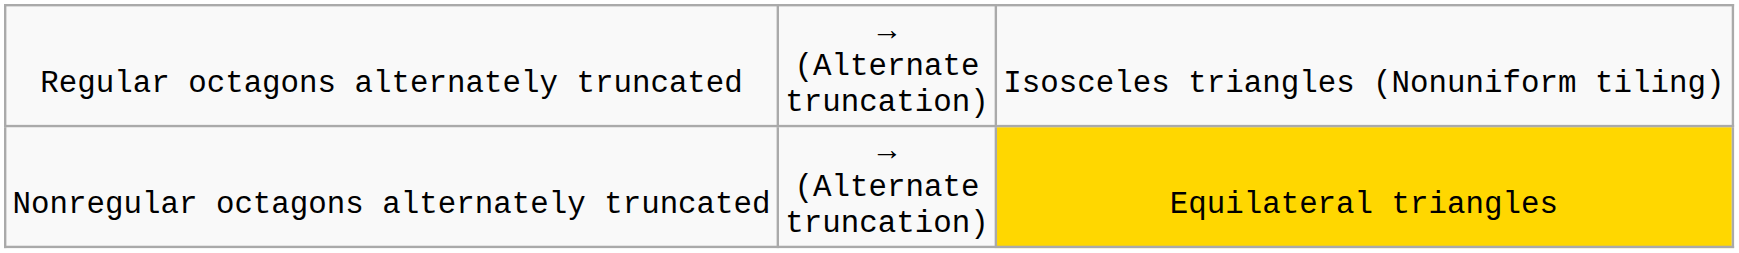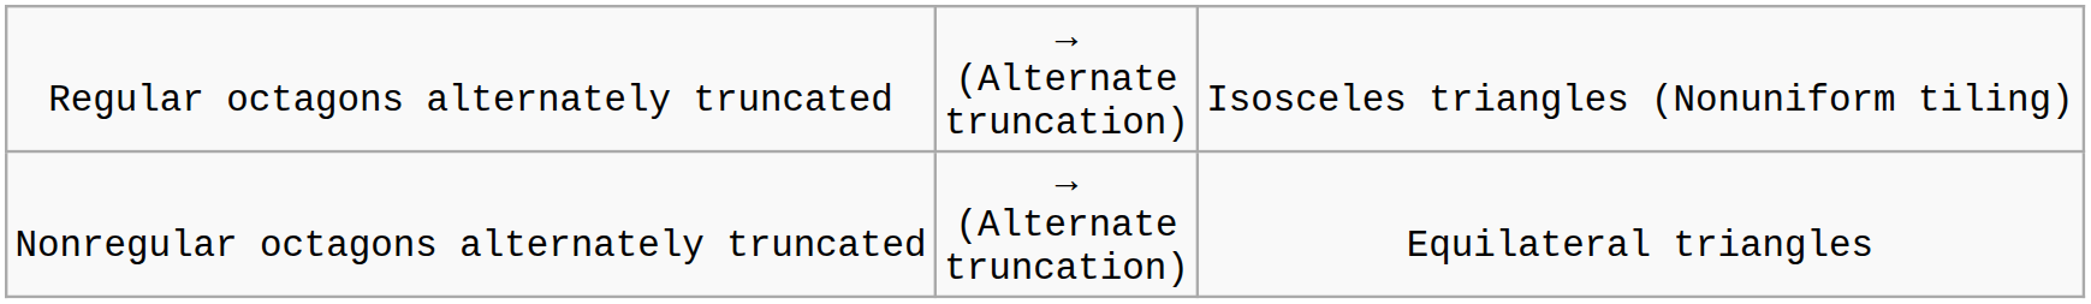 <table class="wikitable">
 <tr>
 <td align="center"><br>Regular octagons alternately truncated</td>
 <td align="center"><div>→</div>(Alternate<br>truncation)</td>
 <td align="center"><br>Isosceles triangles (Nonuniform tiling)</td>
 </tr>
 <tr>
 <td align="center"><br>Nonregular octagons alternately truncated</td>
 <td align="center"><div>→</div>(Alternate<br>truncation)</td>
-<td align="center" style="background: gold;"><br>Equilateral triangles</td>
+<td align="center"><br>Equilateral triangles</td>
 </tr>
 </table>
